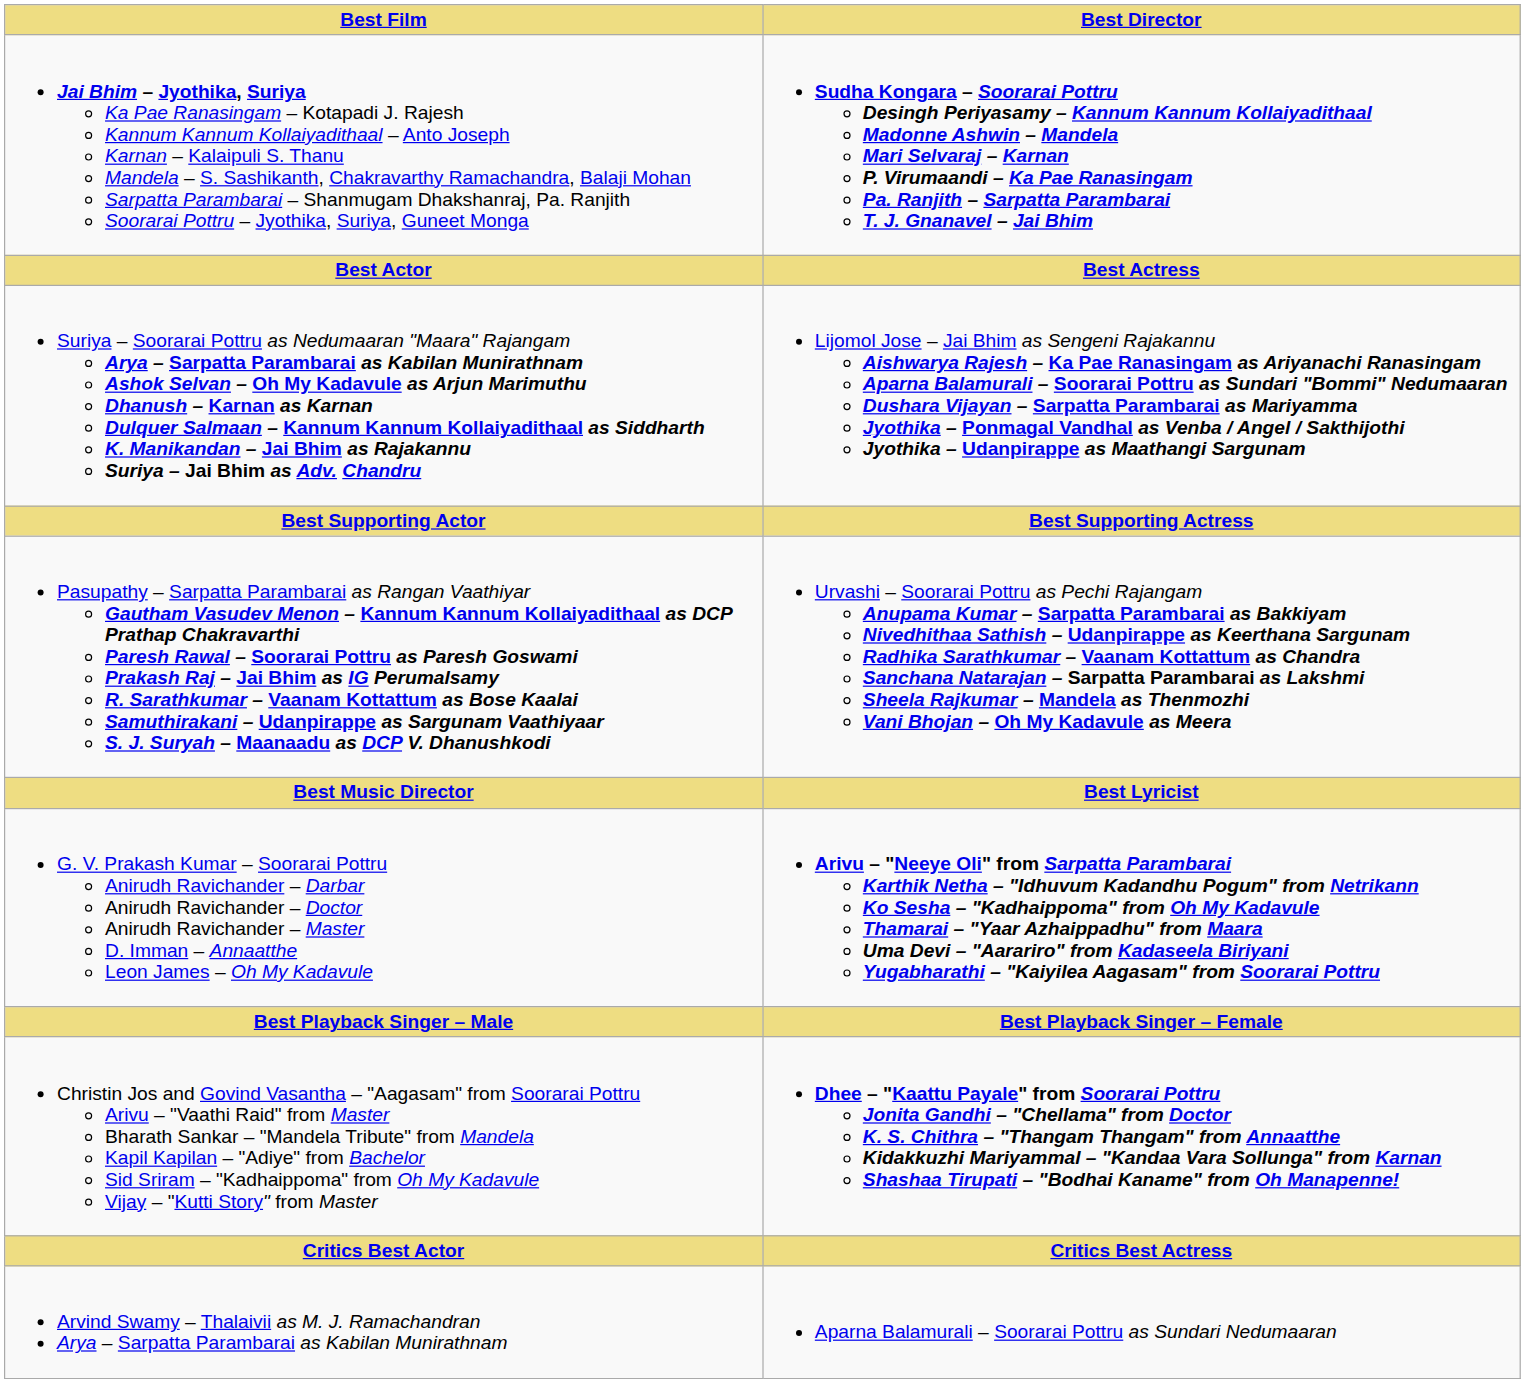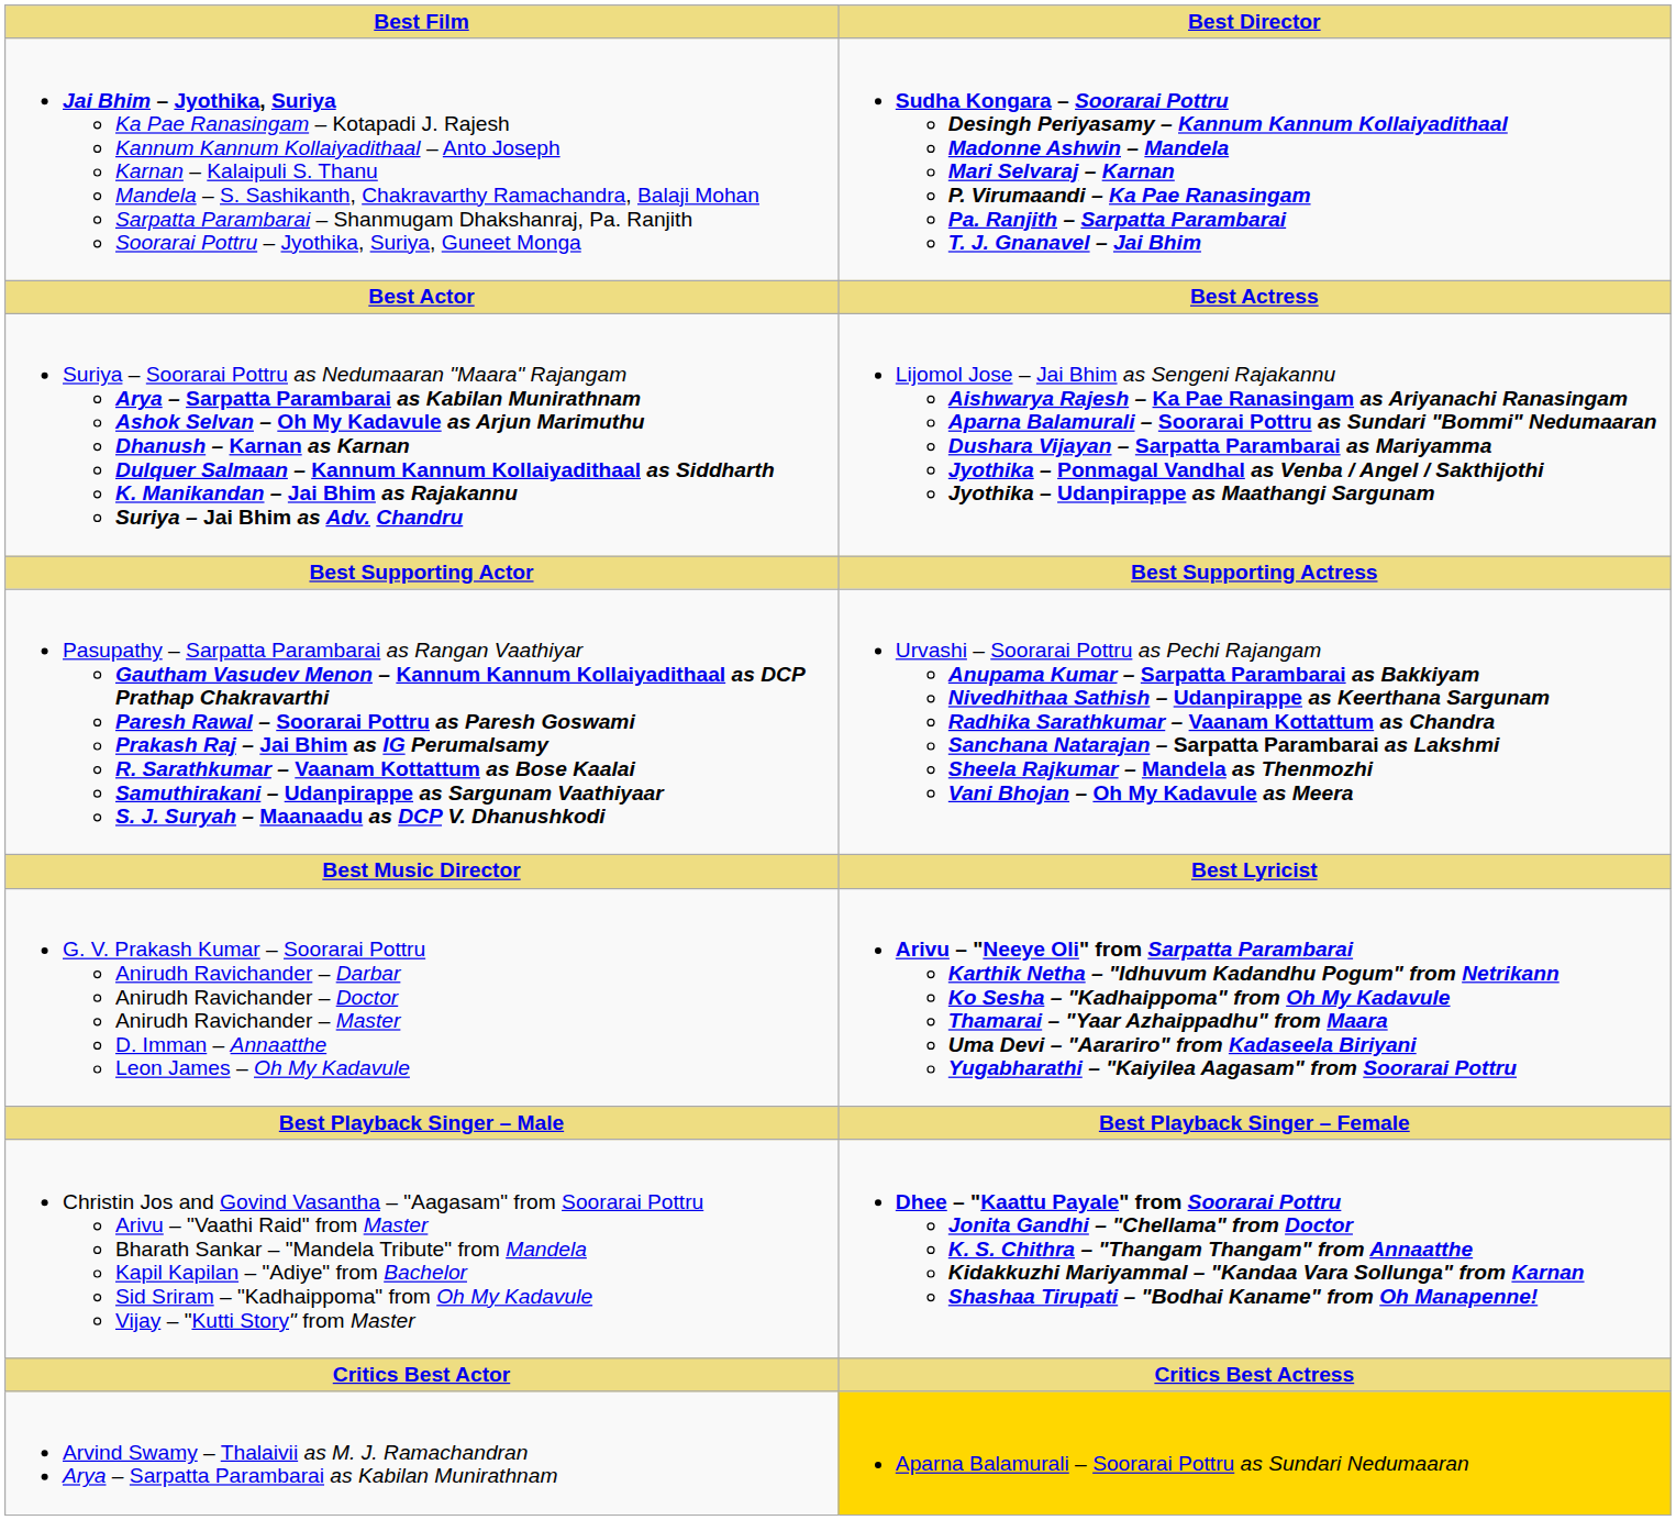 <table class="wikitable" width=100% |>
 <tr>
 <th ! style="background:#eedd82; text-align:center; width:50%;"><a href='#'>Best Film</a></th>
 <th ! style="background:#eedd82; text-align:center; width:50%;"><a href='#'>Best Director</a></th>
 </tr>
 <tr>
 <td valign="top"><br><ul><li><strong><a href='#'><em>Jai Bhim</em></a> – <a href='#'>Jyothika</a>, <a href='#'>Suriya</a></strong><ul><li><em><a href='#'>Ka Pae Ranasingam</a></em> – Kotapadi J. Rajesh</li><li><em><a href='#'>Kannum Kannum Kollaiyadithaal</a></em> – <a href='#'>Anto Joseph</a></li><li><a href='#'><em>Karnan</em></a> – <a href='#'>Kalaipuli S. Thanu</a></li><li><a href='#'><em>Mandela</em></a> – <a href='#'>S. Sashikanth</a>, <a href='#'>Chakravarthy Ramachandra</a>, <a href='#'>Balaji Mohan</a></li><li><em><a href='#'>Sarpatta Parambarai</a></em> – Shanmugam Dhakshanraj, Pa. Ranjith</li><li><em><a href='#'>Soorarai Pottru</a></em> – <a href='#'>Jyothika</a>, <a href='#'>Suriya</a>, <a href='#'>Guneet Monga</a></li></ul></li></ul></td>
 <td valign="top"><br><ul><li><strong><a href='#'>Sudha Kongara</a> – <em><a href='#'>Soorarai Pottru</a><strong><em><ul><li>Desingh Periyasamy – </em><a href='#'>Kannum Kannum Kollaiyadithaal</a><em></li><li><a href='#'>Madonne Ashwin</a> – </em><a href='#'>Mandela</a><em></li><li><a href='#'>Mari Selvaraj</a> – </em><a href='#'>Karnan</a><em></li><li>P. Virumaandi – </em><a href='#'>Ka Pae Ranasingam</a><em></li><li><a href='#'>Pa. Ranjith</a> – </em><a href='#'>Sarpatta Parambarai</a><em></li><li><a href='#'>T. J. Gnanavel</a> – </em><a href='#'>Jai Bhim</a><em></li></ul></li></ul></td>
 </tr>
 <tr>
 <th ! style="background:#eedd82; text-align:center;"><a href='#'>Best Actor</a></th>
 <th ! style="background:#eedd82; text-align:center;"><a href='#'>Best Actress</a></th>
 </tr>
 <tr>
 <td valign="top"><br><ul><li></strong><a href='#'>Suriya</a> – </em><a href='#'>Soorarai Pottru</a><em> as Nedumaaran "Maara" Rajangam<strong><ul><li><a href='#'>Arya</a> – </em><a href='#'>Sarpatta Parambarai</a><em> as Kabilan Munirathnam</li><li><a href='#'>Ashok Selvan</a> – </em><a href='#'>Oh My Kadavule</a><em> as Arjun Marimuthu</li><li><a href='#'>Dhanush</a> – </em><a href='#'>Karnan</a><em> as Karnan</li><li><a href='#'>Dulquer Salmaan</a> –  </em><a href='#'>Kannum Kannum Kollaiyadithaal</a><em> as Siddharth</li><li><a href='#'>K. Manikandan</a> – </em><a href='#'>Jai Bhim</a><em> as Rajakannu</li><li>Suriya – </em>Jai Bhim<em> as <a href='#'>Adv.</a> <a href='#'>Chandru</a></li></ul></li></ul></td>
 <td valign="top"><br><ul><li></strong><a href='#'>Lijomol Jose</a> – </em><a href='#'>Jai Bhim</a><em> as Sengeni Rajakannu<strong><ul><li><a href='#'>Aishwarya Rajesh</a> – </em><a href='#'>Ka Pae Ranasingam</a><em> as Ariyanachi Ranasingam</li><li><a href='#'>Aparna Balamurali</a> – </em><a href='#'>Soorarai Pottru</a><em> as Sundari "Bommi" Nedumaaran</li><li><a href='#'>Dushara Vijayan</a> – </em><a href='#'>Sarpatta Parambarai</a><em> as Mariyamma</li><li><a href='#'>Jyothika</a> – </em><a href='#'>Ponmagal Vandhal</a><em> as Venba / Angel / Sakthijothi</li><li>Jyothika – </em><a href='#'>Udanpirappe</a><em>  as Maathangi Sargunam</li></ul></li></ul></td>
 </tr>
 <tr>
 <th ! style="background:#eedd82; text-align:center;"><a href='#'>Best Supporting Actor</a></th>
 <th ! style="background:#eedd82; text-align:center;"><a href='#'>Best Supporting Actress</a></th>
 </tr>
 <tr>
 <td valign="top"><br><ul><li></strong><a href='#'>Pasupathy</a> – </em><a href='#'>Sarpatta Parambarai</a><em> as Rangan Vaathiyar<strong><ul><li><a href='#'>Gautham Vasudev Menon</a> – </em><a href='#'>Kannum Kannum Kollaiyadithaal</a><em> as DCP Prathap Chakravarthi</li><li><a href='#'>Paresh Rawal</a> – </em><a href='#'>Soorarai Pottru</a><em> as Paresh Goswami</li><li><a href='#'>Prakash Raj</a> – </em><a href='#'>Jai Bhim</a><em> as <a href='#'>IG</a> Perumalsamy</li><li><a href='#'>R. Sarathkumar</a> – </em><a href='#'>Vaanam Kottattum</a><em> as Bose Kaalai</li><li><a href='#'>Samuthirakani</a> – </em><a href='#'>Udanpirappe</a><em>  as Sargunam Vaathiyaar</li><li><a href='#'>S. J. Suryah</a> – </em><a href='#'>Maanaadu</a><em> as <a href='#'>DCP</a> V. Dhanushkodi</li></ul></li></ul></td>
 <td valign="top"><br><ul><li></strong><a href='#'>Urvashi</a> – </em><a href='#'>Soorarai Pottru</a><em> as Pechi Rajangam<strong><ul><li><a href='#'>Anupama Kumar</a> – </em><a href='#'>Sarpatta Parambarai</a><em> as Bakkiyam</li><li><a href='#'>Nivedhithaa Sathish</a> – </em><a href='#'>Udanpirappe</a><em> as Keerthana Sargunam</li><li><a href='#'>Radhika Sarathkumar</a> –  </em><a href='#'>Vaanam Kottattum</a><em> as Chandra</li><li><a href='#'>Sanchana Natarajan</a> – </em>Sarpatta Parambarai<em> as Lakshmi</li><li><a href='#'>Sheela Rajkumar</a> – </em><a href='#'>Mandela</a><em>  as Thenmozhi</li><li><a href='#'>Vani Bhojan</a> – </em><a href='#'>Oh My Kadavule</a><em> as Meera</li></ul></li></ul></td>
 </tr>
 <tr>
 <th ! style="background:#eedd82; text-align:center;"><a href='#'>Best Music Director</a></th>
 <th ! style="background:#eedd82; text-align:center;"><a href='#'>Best Lyricist</a></th>
 </tr>
 <tr>
 <td valign="top"><br><ul><li></strong><a href='#'>G. V. Prakash Kumar</a> – </em><a href='#'>Soorarai Pottru</a></em></strong><ul><li><a href='#'>Anirudh Ravichander</a> – <em><a href='#'>Darbar</a></em></li><li>Anirudh Ravichander – <em><a href='#'>Doctor</a></em></li><li>Anirudh Ravichander – <em><a href='#'>Master</a></em></li><li><a href='#'>D. Imman</a> – <em><a href='#'>Annaatthe</a></em></li><li><a href='#'>Leon James</a> – <em><a href='#'>Oh My Kadavule</a></em></li></ul></li></ul></td>
 <td valign="top"><br><ul><li><strong><a href='#'>Arivu</a> – "<a href='#'>Neeye Oli</a>" from <em><a href='#'>Sarpatta Parambarai</a><strong><em><ul><li><a href='#'>Karthik Netha</a> – "Idhuvum Kadandhu Pogum" from </em><a href='#'>Netrikann</a><em></li><li><a href='#'>Ko Sesha</a> – "Kadhaippoma" from </em><a href='#'>Oh My Kadavule</a><em></li><li><a href='#'>Thamarai</a> – "Yaar Azhaippadhu" from </em><a href='#'>Maara</a><em></li><li>Uma Devi – "Aarariro" from </em><a href='#'>Kadaseela Biriyani</a><em></li><li><a href='#'>Yugabharathi</a> – "Kaiyilea Aagasam" from </em><a href='#'>Soorarai Pottru</a><em></li></ul></li></ul></td>
 </tr>
 <tr>
 <th ! style="background:#eedd82; text-align:center;"><a href='#'>Best Playback Singer – Male</a></th>
 <th ! style="background:#eedd82; text-align:center;"><a href='#'>Best Playback Singer – Female</a></th>
 </tr>
 <tr>
 <td valign="top"><br><ul><li></strong>Christin Jos and <a href='#'>Govind Vasantha</a> – "Aagasam" from </em><a href='#'>Soorarai Pottru</a></em></strong><ul><li><a href='#'>Arivu</a> – "Vaathi Raid" from <em><a href='#'>Master</a></em></li><li>Bharath Sankar – "Mandela Tribute" from <em><a href='#'>Mandela</a></em></li><li><a href='#'>Kapil Kapilan</a> – "Adiye" from <em><a href='#'>Bachelor</a></em></li><li><a href='#'>Sid Sriram</a> – "Kadhaippoma" from <em><a href='#'>Oh My Kadavule</a></em></li><li><a href='#'>Vijay</a> – "<a href='#'>Kutti Story</a><em>"</em> from <em>Master</em></li></ul></li></ul></td>
 <td valign="top"><br><ul><li><strong><a href='#'>Dhee</a> – "<a href='#'>Kaattu Payale</a>" from <em><a href='#'>Soorarai Pottru</a><strong><em><ul><li><a href='#'>Jonita Gandhi</a> – "Chellama" from </em><a href='#'>Doctor</a><em></li><li><a href='#'>K. S. Chithra</a> – "Thangam Thangam" from </em><a href='#'>Annaatthe</a><em></li><li>Kidakkuzhi Mariyammal –  "Kandaa Vara Sollunga" from </em><a href='#'>Karnan</a><em></li><li><a href='#'>Shashaa Tirupati</a> – "Bodhai Kaname" from </em><a href='#'>Oh Manapenne!</a><em></li></ul></li></ul></td>
 </tr>
 <tr>
 <th ! style="background:#eedd82; text-align:center;"><a href='#'>Critics Best Actor</a></th>
 <th ! style="background:#eedd82; text-align:center;"><a href='#'></strong>Critics Best Actress<strong></a></th>
 </tr>
 <tr>
 <td><br><ul><li></strong><a href='#'>Arvind Swamy</a> – </em><a href='#'>Thalaivii</a><em> as M. J. Ramachandran<strong></li><li></strong><a href='#'>Arya</a> – </em><a href='#'>Sarpatta Parambarai</a><em> as Kabilan Munirathnam<strong></li></ul></td>
-<td><br><ul><li></strong><a href='#'>Aparna Balamurali</a> – </em><a href='#'>Soorarai Pottru</a><em> as Sundari Nedumaaran<strong></li></ul></td>
+<td style="background: gold;"><br><ul><li></strong><a href='#'>Aparna Balamurali</a> – </em><a href='#'>Soorarai Pottru</a><em> as Sundari Nedumaaran<strong></li></ul></td>
 </tr>
 </table>
